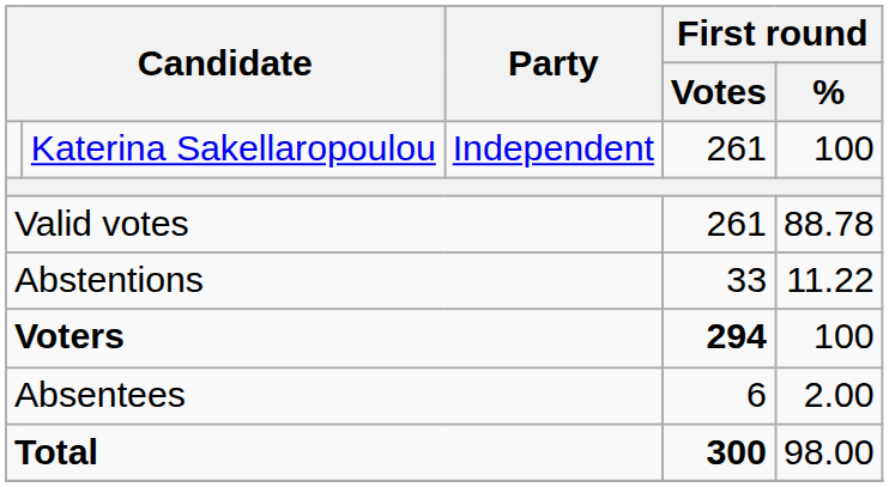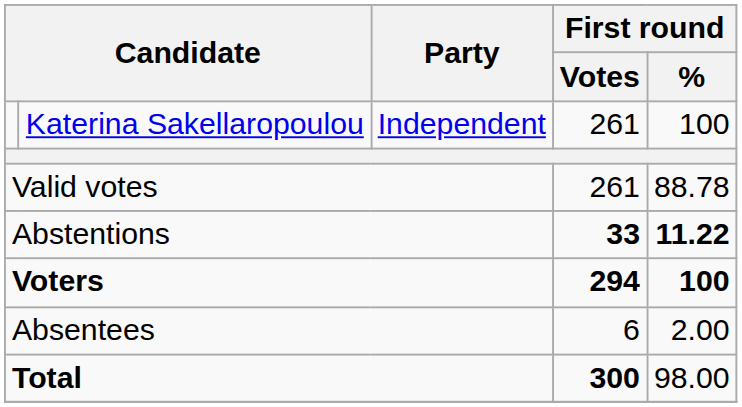 <table class=wikitable style=text-align:right>
 <tr>
 <th colspan=2 rowspan=2>Candidate</th>
 <th rowspan=2>Party</th>
 <th colspan=2>First round</th>
 </tr>
 <tr>
 <th>Votes</th>
 <th>%</th>
 </tr>
 <tr>
 <td bgcolor=></td>
 <td><a href='#'>Katerina Sakellaropoulou</a></td>
 <td><a href='#'>Independent</a></td>
 <td>261</td>
 <td>100</td>
 </tr>
 <tr>
 <th colspan="5"></th>
 </tr>
 <tr>
 <td colspan=3 align=left>Valid votes</td>
 <td>261</td>
 <td>88.78</td>
 </tr>
 <tr>
 <td colspan=3 align=left>Abstentions</td>
-<td>33</td>
-<td>11.22</td>
+<td><strong>33</strong></td>
+<td><strong>11.22</strong></td>
 </tr>
 <tr>
 <td colspan=3 align=left><strong>Voters</strong></td>
 <td><strong>294</strong></td>
-<td>100</td>
+<td><strong>100</strong></td>
 </tr>
 <tr>
 <td colspan=3 align=left>Absentees</td>
 <td>6</td>
 <td>2.00</td>
 </tr>
 <tr>
 <td colspan=3 align=left><strong>Total</strong></td>
 <td><strong>300</strong></td>
 <td>98.00</td>
 </tr>
 <tr>
 </tr>
 </table>
